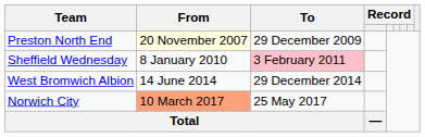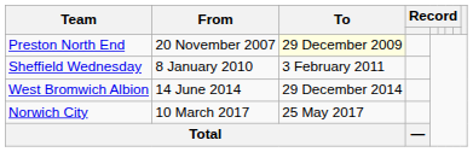 <table class=wikitable style="text-align: center">
 <tr>
 <th rowspan=2>Team</th>
 <th rowspan=2>From</th>
 <th rowspan=2>To</th>
 <th colspan=5>Record</th>
 <th rowspan=2></th>
 </tr>
 <tr>
 <th></th>
 <th></th>
 <th></th>
 <th></th>
 <th></th>
 </tr>
 <tr>
 <td align=left><a href='#'>Preston North End</a></td>
-<td align=left style="background: lightyellow;">20 November 2007</td>
-<td align=left>29 December 2009<br></td>
+<td align=left>20 November 2007</td>
+<td align=left style="background: lightyellow;">29 December 2009<br></td>
 <td></td>
 </tr>
 <tr>
 <td align=left><a href='#'>Sheffield Wednesday</a></td>
 <td align=left>8 January 2010</td>
-<td align=left style="background: pink;">3 February 2011<br></td>
+<td align=left>3 February 2011<br></td>
 <td></td>
 </tr>
 <tr>
 <td align=left><a href='#'>West Bromwich Albion</a></td>
 <td align=left>14 June 2014</td>
 <td align=left>29 December 2014<br></td>
 <td></td>
 </tr>
 <tr>
 <td align=left><a href='#'>Norwich City</a></td>
-<td align=left style="background: lightsalmon;">10 March 2017</td>
+<td align=left>10 March 2017</td>
 <td align=left>25 May 2017<br></td>
 <td></td>
 </tr>
 <tr>
 <th colspan=3>Total<br></th>
 <th>—</th>
 </tr>
 </table>
